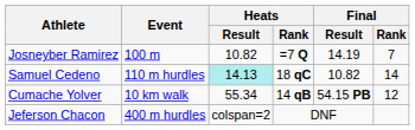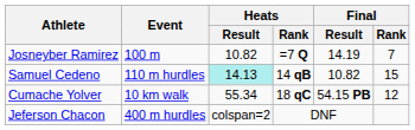 <table class="wikitable" style="font-size:90%">
 <tr>
 <th rowspan=2>Athlete</th>
 <th rowspan=2>Event</th>
 <th colspan=2>Heats</th>
 <th colspan=2>Final</th>
 </tr>
 <tr style="font-size:95%">
 <th>Result</th>
 <th>Rank</th>
 <th>Result</th>
 <th>Rank</th>
 </tr>
 <tr align=center>
 <td align=left><a href='#'>Josneyber Ramirez</a></td>
 <td align=left><a href='#'>100 m</a></td>
 <td>10.82</td>
 <td>=7 <strong>Q</strong></td>
 <td>14.19</td>
 <td>7</td>
 </tr>
 <tr align=center>
 <td align=left><a href='#'>Samuel Cedeno</a></td>
 <td align=left><a href='#'>110 m hurdles</a></td>
 <td style="background: paleturquoise;">14.13</td>
-<td>18 <strong>qC</strong></td>
+<td>14 <strong>qB</strong></td>
 <td>10.82</td>
-<td>14</td>
+<td>15</td>
 </tr>
 <tr align=center>
 <td align=left><a href='#'>Cumache Yolver</a></td>
 <td align=left><a href='#'>10 km walk</a></td>
 <td>55.34</td>
-<td>14 <strong>qB</strong></td>
+<td>18 <strong>qC</strong></td>
 <td>54.15 <strong>PB</strong></td>
 <td>12</td>
 </tr>
 <tr align=center>
 <td align=left><a href='#'>Jeferson Chacon</a></td>
 <td align=left><a href='#'>400 m hurdles</a></td>
 <td>colspan=2 </td>
 <td colspan=2>DNF</td>
 </tr>
 </table>
